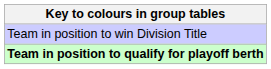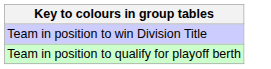 <table class="wikitable">
 <tr>
 <th>Key to colours in group tables</th>
 </tr>
 <tr style="background:#ccf;">
 <td>Team in position to win Division Title</td>
 </tr>
 <tr style="background:#cfc;">
-<td><strong>Team in position to qualify for playoff berth</strong></td>
+<td>Team in position to qualify for playoff berth</td>
 </tr>
 </table>
